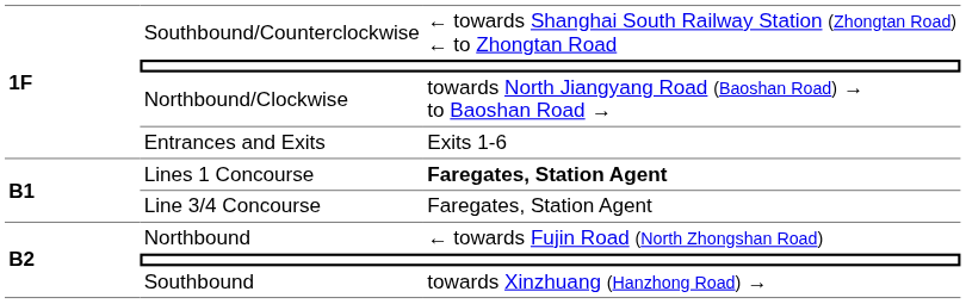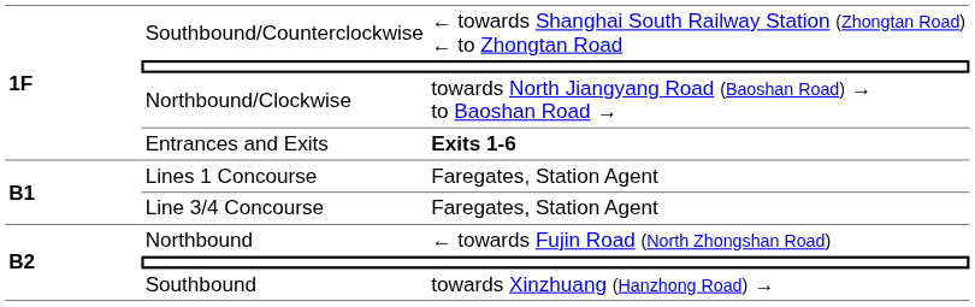 <table cellspacing=0 cellpadding=3>
 <tr>
 <td style="border-top:solid 1px gray;border-bottom:solid 1px gray;" rowspan=4 width=100><strong>1F</strong></td>
 <td style="border-top:solid 1px gray;">Southbound/Counterclockwise</td>
 <td style="border-top:solid 1px gray;">←  towards <a href='#'>Shanghai South Railway Station</a> <small>(<a href='#'>Zhongtan Road</a>)</small><br>←  to <a href='#'>Zhongtan Road</a></td>
 </tr>
 <tr>
 <td style="border-right:solid 2px black;border-left:solid 2px black;border-top: solid 2px black;border-bottom:solid 2px black;" colspan=2></td>
 </tr>
 <tr>
 <td style="border-bottom:solid 1px gray;">Northbound/Clockwise</td>
 <td style="border-bottom:solid 1px gray;">  towards <a href='#'>North Jiangyang Road</a> <small>(<a href='#'>Baoshan Road</a>)</small> →<br>  to <a href='#'>Baoshan Road</a> →</td>
 </tr>
 <tr>
 <td style="border-bottom:solid 1px gray;">Entrances and Exits</td>
-<td style="border-bottom:solid 1px gray;">Exits 1-6</td>
+<td style="border-bottom:solid 1px gray;"><strong>Exits 1-6</strong></td>
 </tr>
 <tr>
 <td style="border-bottom:solid 1px gray;" rowspan=2><strong>B1</strong></td>
 <td style="border-bottom:solid 1px gray;">Lines 1 Concourse</td>
-<td style="border-bottom:solid 1px gray;"><strong>Faregates, Station Agent</strong></td>
+<td style="border-bottom:solid 1px gray;">Faregates, Station Agent</td>
 </tr>
 <tr>
 <td style="border-bottom:solid 1px gray;">Line 3/4 Concourse</td>
 <td style="border-bottom:solid 1px gray;">Faregates, Station Agent</td>
 </tr>
 <tr>
 <td style="border-bottom:solid 1px gray;" rowspan=3><strong>B2</strong></td>
 <td>Northbound</td>
 <td>←  towards <a href='#'>Fujin Road</a> <small>(<a href='#'>North Zhongshan Road</a>)</small></td>
 </tr>
 <tr>
 <td style="border-right:solid 2px black;border-left:solid 2px black;border-top:solid 2px black;border-bottom:solid 2px black;" colspan=2></td>
 </tr>
 <tr>
 <td style="border-bottom: solid 1px gray;">Southbound</td>
 <td style="border-bottom: solid 1px gray;">  towards <a href='#'>Xinzhuang</a> <small>(<a href='#'>Hanzhong Road</a>)</small> →</td>
 </tr>
 </table>
